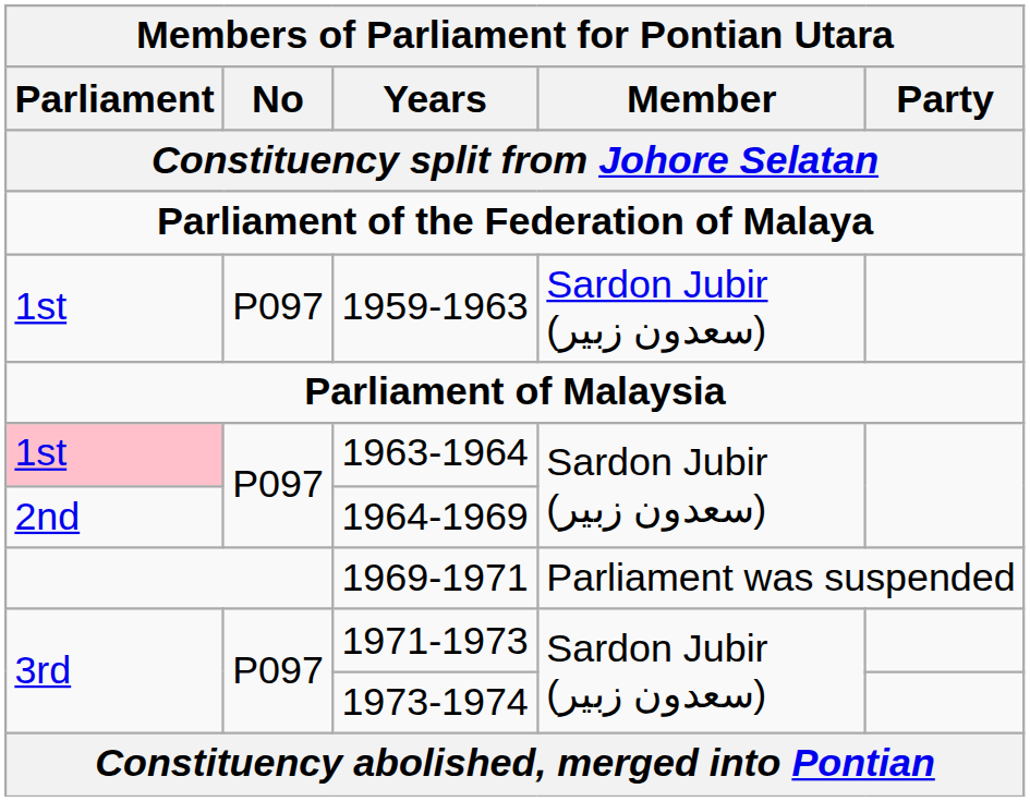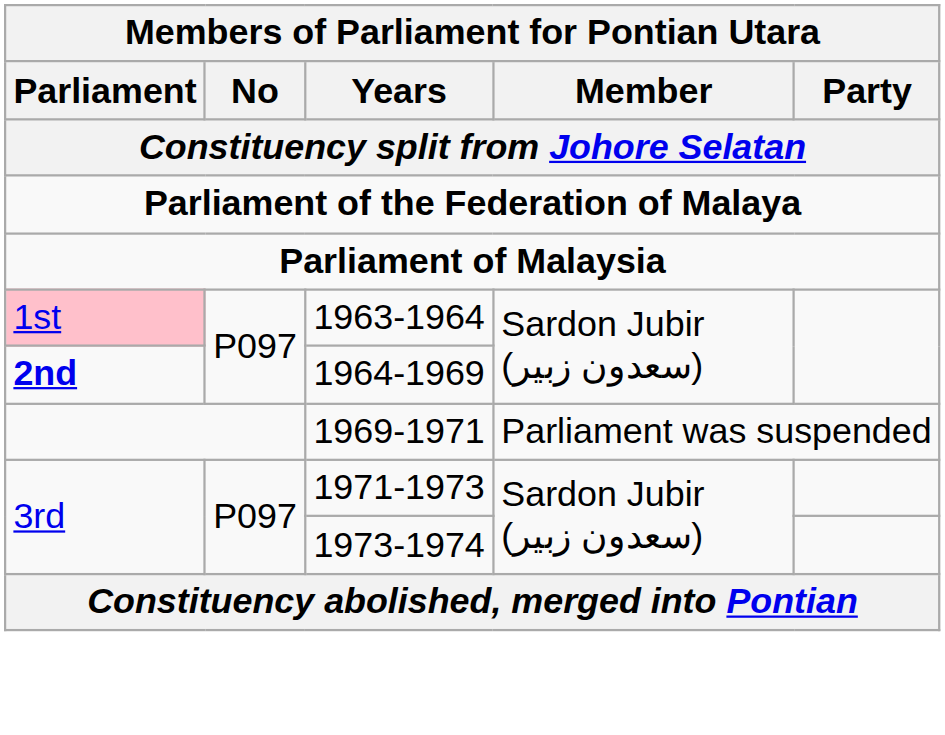 <table class=wikitable>
 <tr>
 <th colspan="5">Members of Parliament for Pontian Utara</th>
 </tr>
 <tr>
 <th>Parliament</th>
 <th>No</th>
 <th>Years</th>
 <th>Member</th>
 <th>Party</th>
 </tr>
 <tr>
 <th colspan="5" align="center"><em>Constituency split from <a href='#'>Johore Selatan</a></em></th>
 </tr>
 <tr>
 <td colspan="5" align="center"><strong>Parliament of the Federation of Malaya</strong></td>
 </tr>
 <tr>
-<td><a href='#'>1st</a></td>
-<td>P097</td>
-<td>1959-1963</td>
-<td><a href='#'>Sardon Jubir</a> <br> (سعدون زبير‎)</td>
-<td></td>
-</tr>
-<tr>
 <td colspan="5" align="center"><strong>Parliament of Malaysia</strong></td>
 </tr>
 <tr>
 <td style="background: pink;"><a href='#'>1st</a></td>
 <td rowspan="2">P097</td>
 <td>1963-1964</td>
 <td rowspan=2>Sardon Jubir <br> (سعدون زبير‎)</td>
 <td rowspan=2></td>
 </tr>
 <tr>
-<td><a href='#'>2nd</a></td>
+<td><strong><a href='#'>2nd</a></strong></td>
 <td>1964-1969</td>
 </tr>
 <tr>
 <td colspan="2"></td>
 <td>1969-1971</td>
 <td colspan=2 align=center>Parliament was suspended</td>
 </tr>
 <tr>
 <td rowspan=2><a href='#'>3rd</a></td>
 <td rowspan="2">P097</td>
 <td>1971-1973</td>
 <td rowspan=2>Sardon Jubir <br> (سعدون زبير‎)</td>
 <td></td>
 </tr>
 <tr>
 <td>1973-1974</td>
 <td></td>
 </tr>
 <tr>
 <th colspan="5" align="center"><em>Constituency abolished, merged into <a href='#'>Pontian</a></em></th>
 </tr>
 </table>
